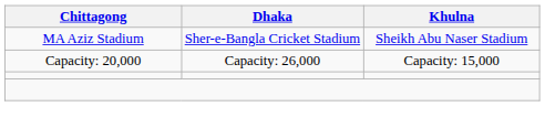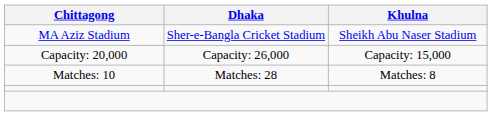 <table class="wikitable" style="text-align:center; display:inline-block; border: 0">
 <tr>
 <th style="width:33%;"><a href='#'>Chittagong</a></th>
 <th style="width:34%;"><a href='#'>Dhaka</a></th>
 <th style="width:33%;"><a href='#'>Khulna</a></th>
 </tr>
 <tr>
 <td><a href='#'>MA Aziz Stadium</a></td>
 <td><a href='#'>Sher-e-Bangla Cricket Stadium</a></td>
 <td><a href='#'>Sheikh Abu Naser Stadium</a></td>
 </tr>
 <tr>
 <td>Capacity: 20,000</td>
 <td>Capacity: 26,000</td>
 <td>Capacity: 15,000</td>
 </tr>
 <tr>
+<td>Matches: 10</td>
+<td>Matches: 28</td>
+<td>Matches: 8</td>
+</tr>
+<tr>
 <td></td>
 <td></td>
 <td></td>
 </tr>
 <tr>
 <td colspan=3><br></td>
 </tr>
 </table>
